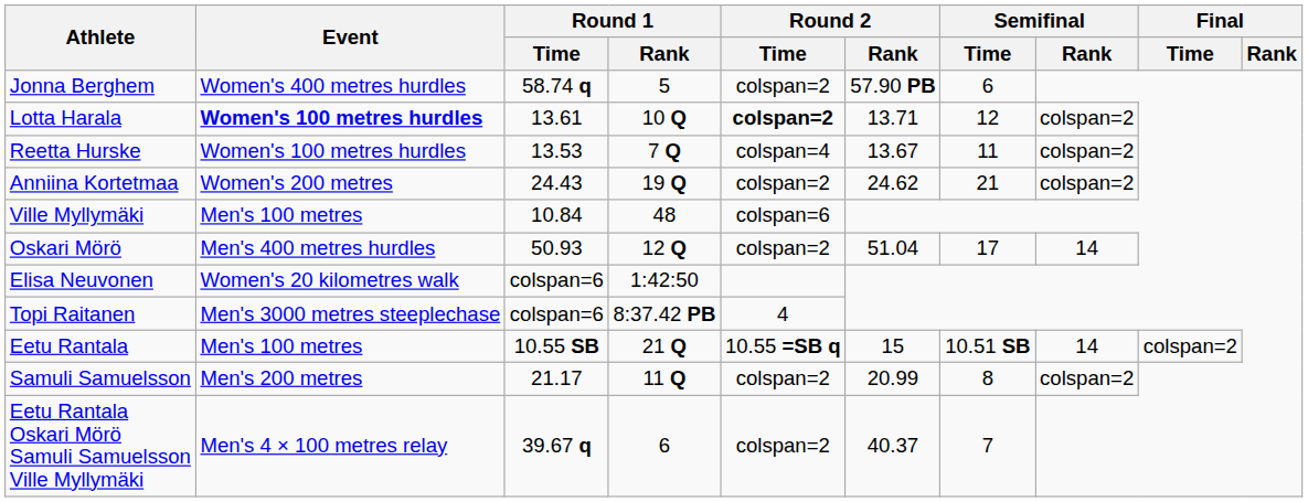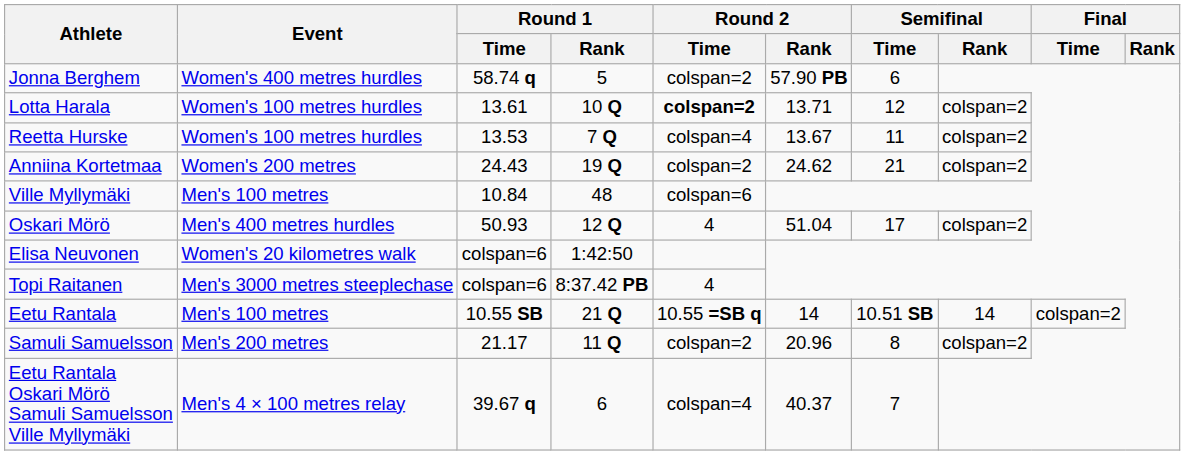 <table class="wikitable">
 <tr>
 <th rowspan="2">Athlete</th>
 <th rowspan="2">Event</th>
 <th colspan="2">Round 1</th>
 <th colspan="2">Round 2</th>
 <th colspan="2">Semifinal</th>
 <th colspan="2">Final</th>
 </tr>
 <tr>
 <th>Time</th>
 <th>Rank</th>
 <th>Time</th>
 <th>Rank</th>
 <th>Time</th>
 <th>Rank</th>
 <th>Time</th>
 <th>Rank</th>
 </tr>
 <tr style=text-align:center>
 <td style=text-align:left><a href='#'>Jonna Berghem</a></td>
 <td style=text-align:left><a href='#'>Women's 400 metres hurdles</a></td>
 <td>58.74 <strong>q</strong></td>
 <td>5</td>
 <td>colspan=2 </td>
 <td>57.90 <strong>PB</strong></td>
 <td>6</td>
 </tr>
 <tr style=text-align:center>
 <td style=text-align:left><a href='#'>Lotta Harala</a></td>
-<td style=text-align:left><strong><a href='#'>Women's 100 metres hurdles</a></strong></td>
+<td style=text-align:left><a href='#'>Women's 100 metres hurdles</a></td>
 <td>13.61</td>
 <td>10 <strong>Q</strong></td>
 <td><strong>colspan=2 </strong></td>
 <td>13.71</td>
 <td>12</td>
 <td>colspan=2 </td>
 </tr>
 <tr style=text-align:center>
 <td style=text-align:left><a href='#'>Reetta Hurske</a></td>
 <td style=text-align:left><a href='#'>Women's 100 metres hurdles</a></td>
 <td>13.53</td>
 <td>7 <strong>Q</strong></td>
 <td>colspan=4 </td>
 <td>13.67</td>
 <td>11</td>
 <td>colspan=2 </td>
 </tr>
 <tr style=text-align:center>
 <td style=text-align:left><a href='#'>Anniina Kortetmaa</a></td>
 <td style=text-align:left><a href='#'>Women's 200 metres</a></td>
 <td>24.43</td>
 <td>19 <strong>Q</strong></td>
 <td>colspan=2 </td>
 <td>24.62</td>
 <td>21</td>
 <td>colspan=2 </td>
 </tr>
 <tr style=text-align:center>
 <td style=text-align:left><a href='#'>Ville Myllymäki</a></td>
 <td style=text-align:left><a href='#'>Men's 100 metres</a></td>
 <td>10.84</td>
 <td>48</td>
 <td>colspan=6 </td>
 </tr>
 <tr style=text-align:center>
 <td style=text-align:left><a href='#'>Oskari Mörö</a></td>
 <td style=text-align:left><a href='#'>Men's 400 metres hurdles</a></td>
 <td>50.93</td>
 <td>12 <strong>Q</strong></td>
-<td>colspan=2 </td>
+<td>4</td>
 <td>51.04</td>
 <td>17</td>
-<td>14</td>
+<td>colspan=2 </td>
 </tr>
 <tr style=text-align:center>
 <td style=text-align:left><a href='#'>Elisa Neuvonen</a></td>
 <td style=text-align:left><a href='#'>Women's 20 kilometres walk</a></td>
 <td>colspan=6 </td>
 <td>1:42:50</td>
 <td></td>
 </tr>
 <tr style=text-align:center>
 <td style=text-align:left><a href='#'>Topi Raitanen</a></td>
 <td style=text-align:left><a href='#'>Men's 3000 metres steeplechase</a></td>
 <td>colspan=6 </td>
 <td>8:37.42 <strong>PB</strong></td>
 <td>4</td>
 </tr>
 <tr style=text-align:center>
 <td style=text-align:left><a href='#'>Eetu Rantala</a></td>
 <td style=text-align:left><a href='#'>Men's 100 metres</a></td>
 <td>10.55 <strong>SB</strong></td>
 <td>21 <strong>Q</strong></td>
 <td>10.55 <strong>=SB q</strong></td>
-<td>15</td>
+<td>14</td>
 <td>10.51 <strong>SB</strong></td>
 <td>14</td>
 <td>colspan=2 </td>
 </tr>
 <tr style=text-align:center>
 <td style=text-align:left><a href='#'>Samuli Samuelsson</a></td>
 <td style=text-align:left><a href='#'>Men's 200 metres</a></td>
 <td>21.17</td>
 <td>11 <strong>Q</strong></td>
 <td>colspan=2 </td>
-<td>20.99</td>
+<td>20.96</td>
 <td>8</td>
 <td>colspan=2 </td>
 </tr>
 <tr style=text-align:center>
 <td style=text-align:left><a href='#'>Eetu Rantala</a><br><a href='#'>Oskari Mörö</a><br><a href='#'>Samuli Samuelsson</a><br><a href='#'>Ville Myllymäki</a></td>
 <td style=text-align:left><a href='#'>Men's 4 × 100 metres relay</a></td>
 <td>39.67 <strong>q</strong></td>
 <td>6</td>
-<td>colspan=2 </td>
+<td>colspan=4 </td>
 <td>40.37</td>
 <td>7</td>
 </tr>
 </table>
